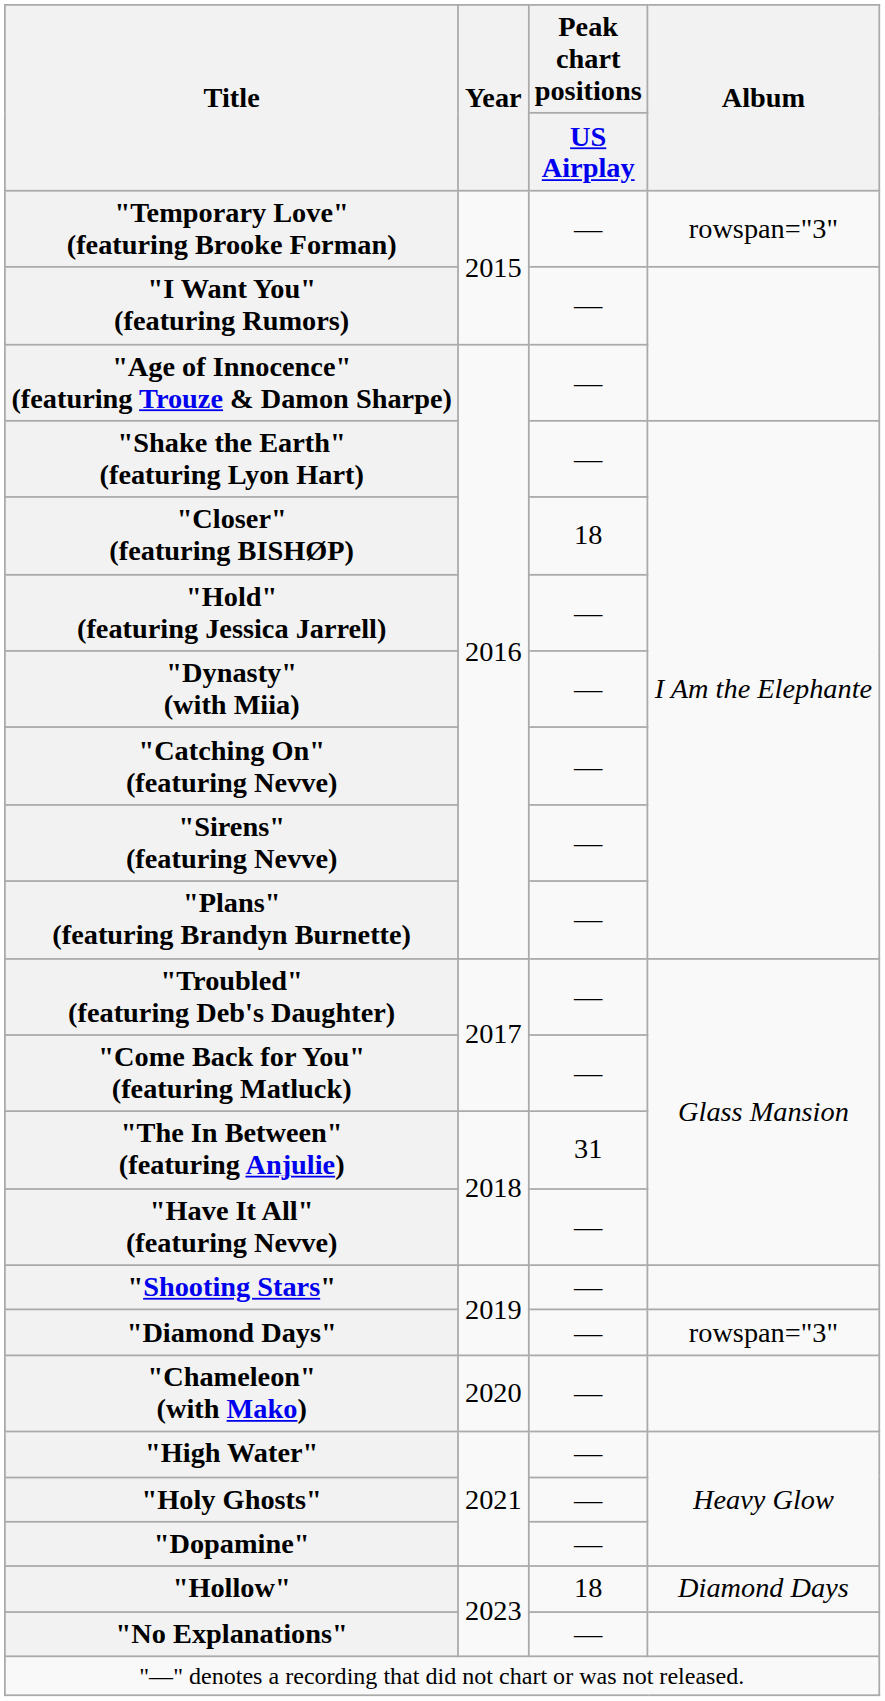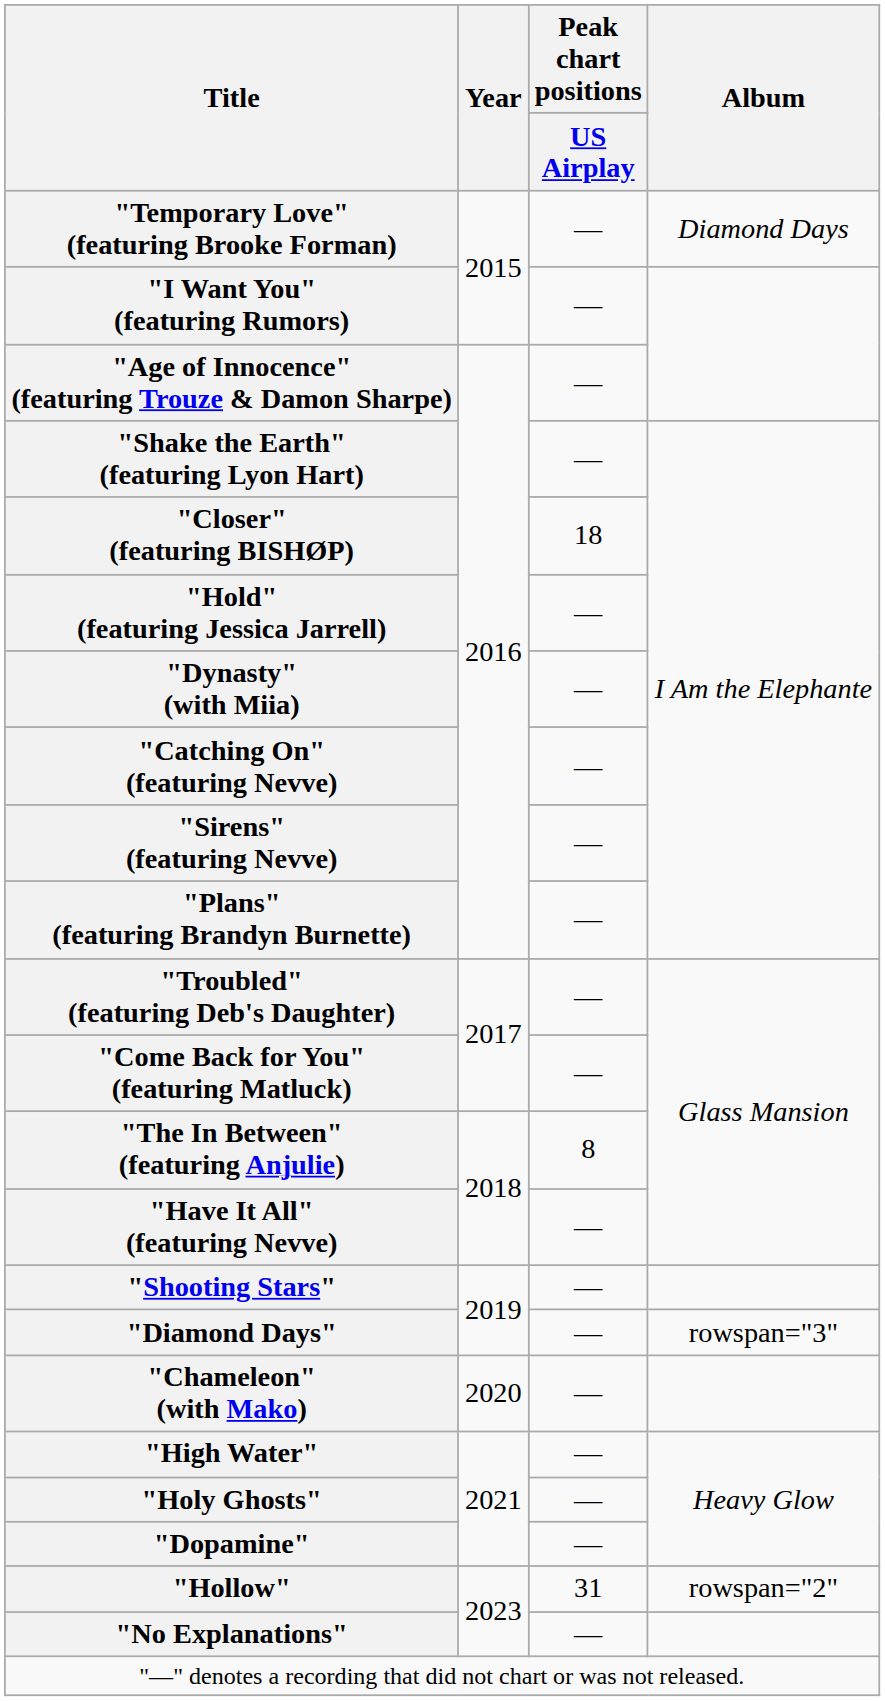 <table class="wikitable plainrowheaders" style="text-align:center;">
 <tr>
 <th rowspan="2" scope="col">Title</th>
 <th rowspan="2">Year</th>
 <th>Peak<br>chart<br>positions</th>
 <th rowspan="2">Album</th>
 </tr>
 <tr>
 <th><span><a href='#'>US</a><br><a href='#'>Airplay</a></span><br></th>
 </tr>
 <tr>
 <th scope="row">"Temporary Love"<br><span>(featuring Brooke Forman)</span></th>
 <td rowspan="2">2015</td>
 <td>—</td>
-<td>rowspan="3" </td>
+<td><em>Diamond Days</em></td>
 </tr>
 <tr>
 <th scope="row">"I Want You"<br><span>(featuring Rumors)</span></th>
 <td>—</td>
 </tr>
 <tr>
 <th scope="row">"Age of Innocence"<br><span>(featuring <a href='#'>Trouze</a> & Damon Sharpe)</span></th>
 <td rowspan="8">2016</td>
 <td>—</td>
 </tr>
 <tr>
 <th scope="row">"Shake the Earth"<br><span>(featuring Lyon Hart)</span></th>
 <td>—</td>
 <td rowspan="7"><em>I Am the Elephante</em></td>
 </tr>
 <tr>
 <th scope="row">"Closer"<br><span>(featuring BISHØP)</span></th>
 <td>18</td>
 </tr>
 <tr>
 <th scope="row">"Hold"<br><span>(featuring Jessica Jarrell)</span></th>
 <td>—</td>
 </tr>
 <tr>
 <th scope="row">"Dynasty"<br><span>(with Miia)</span></th>
 <td>—</td>
 </tr>
 <tr>
 <th scope="row">"Catching On"<br><span>(featuring Nevve)</span></th>
 <td>—</td>
 </tr>
 <tr>
 <th scope="row">"Sirens"<br><span>(featuring Nevve)</span></th>
 <td>—</td>
 </tr>
 <tr>
 <th scope="row">"Plans"<br><span>(featuring Brandyn Burnette)</span></th>
 <td>—</td>
 </tr>
 <tr>
 <th scope="row">"Troubled" <br><span>(featuring Deb's Daughter)</span></th>
 <td rowspan="2">2017</td>
 <td>—</td>
 <td rowspan="4"><em>Glass Mansion</em></td>
 </tr>
 <tr>
 <th scope="row">"Come Back for You" <br><span>(featuring Matluck)</span></th>
 <td>—</td>
 </tr>
 <tr>
 <th scope="row">"The In Between" <br><span>(featuring <a href='#'>Anjulie</a>)</span></th>
 <td rowspan="2">2018</td>
-<td>31</td>
+<td>8</td>
 </tr>
 <tr>
 <th scope="row">"Have It All" <br><span>(featuring Nevve)</span></th>
 <td>—</td>
 </tr>
 <tr>
 <th scope="row">"<a href='#'>Shooting Stars</a>"</th>
 <td rowspan="2">2019</td>
 <td>—</td>
 <td></td>
 </tr>
 <tr>
 <th scope="row">"Diamond Days"</th>
 <td>—</td>
 <td>rowspan="3" </td>
 </tr>
 <tr>
 <th scope="row">"Chameleon" <br><span>(with <a href='#'>Mako</a>)</span></th>
 <td>2020</td>
 <td>—</td>
 <td></td>
 </tr>
 <tr>
 <th scope="row">"High Water"</th>
 <td rowspan="3">2021</td>
 <td>—</td>
 <td rowspan="3"><em>Heavy Glow</em></td>
 </tr>
 <tr>
 <th scope="row">"Holy Ghosts"</th>
 <td>—</td>
 </tr>
 <tr>
 <th scope="row">"Dopamine"</th>
 <td>—</td>
 </tr>
 <tr>
 <th scope="row">"Hollow"<br></th>
 <td rowspan="2">2023</td>
-<td>18</td>
-<td><em>Diamond Days</em></td>
+<td>31</td>
+<td>rowspan="2" </td>
 </tr>
 <tr>
 <th scope="row">"No Explanations"<br></th>
 <td>—</td>
 </tr>
 <tr>
 <td colspan="4" style="font-size:85%">"—" denotes a recording that did not chart or was not released.</td>
 </tr>
 </table>
